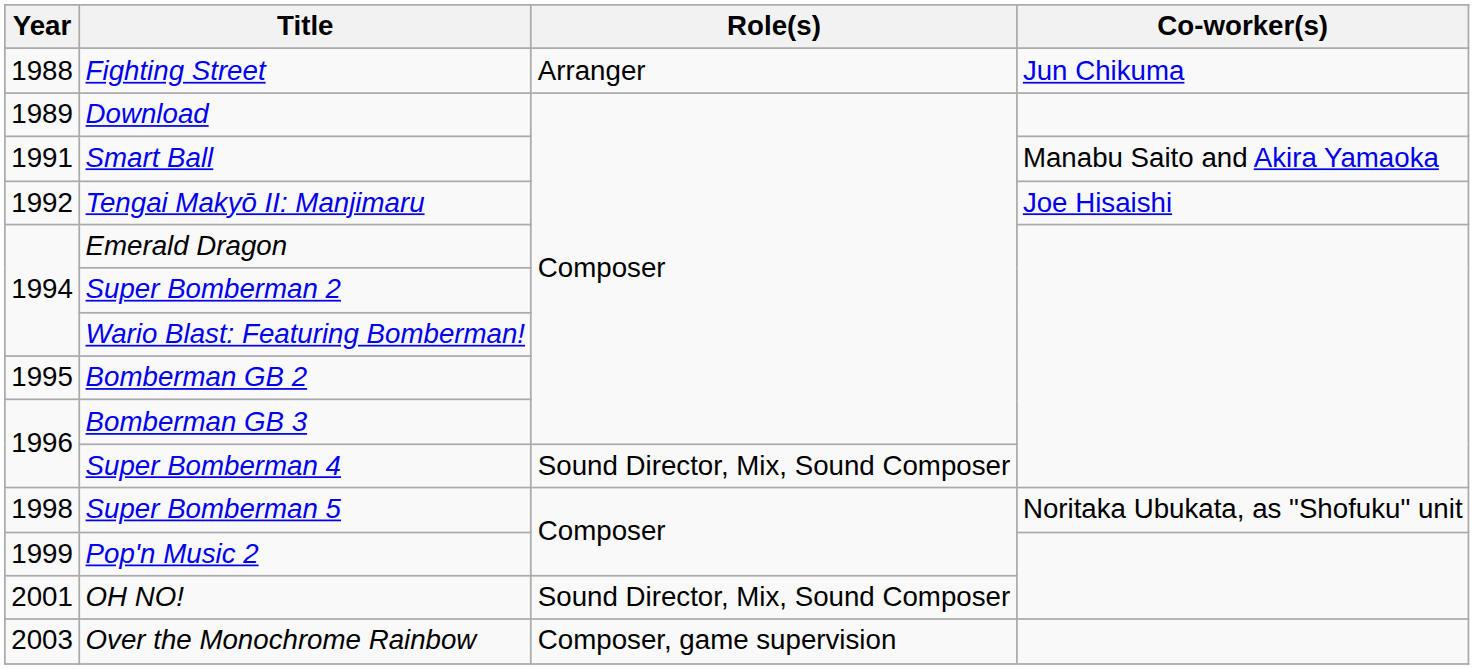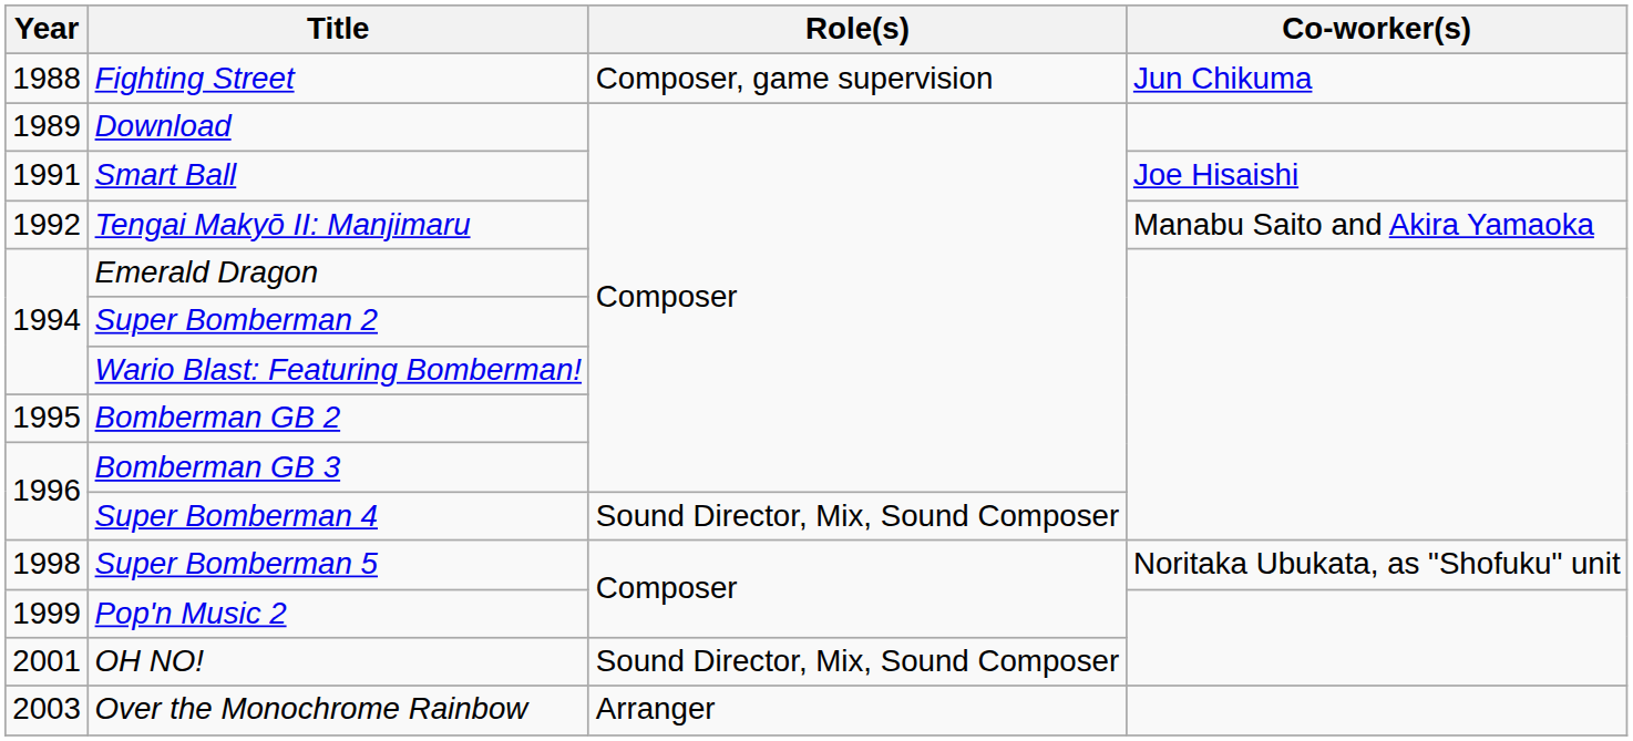 <table class="wikitable">
 <tr>
 <th>Year</th>
 <th>Title</th>
 <th>Role(s)</th>
 <th>Co-worker(s)</th>
 </tr>
 <tr>
 <td>1988</td>
 <td><em><a href='#'>Fighting Street</a></em></td>
-<td>Arranger</td>
+<td>Composer, game supervision</td>
 <td><a href='#'>Jun Chikuma</a></td>
 </tr>
 <tr>
 <td>1989</td>
 <td><em><a href='#'>Download</a></em></td>
 <td rowspan="8">Composer</td>
 <td></td>
 </tr>
 <tr>
 <td>1991</td>
 <td><em><a href='#'>Smart Ball</a></em></td>
-<td>Manabu Saito and <a href='#'>Akira Yamaoka</a></td>
+<td><a href='#'>Joe Hisaishi</a></td>
 </tr>
 <tr>
 <td>1992</td>
 <td><em><a href='#'>Tengai Makyō II: Manjimaru</a></em></td>
-<td><a href='#'>Joe Hisaishi</a></td>
+<td>Manabu Saito and <a href='#'>Akira Yamaoka</a></td>
 </tr>
 <tr>
 <td rowspan="3">1994</td>
 <td><em>Emerald Dragon</em></td>
 <td rowspan="6"></td>
 </tr>
 <tr>
 <td><em><a href='#'>Super Bomberman 2</a></em></td>
 </tr>
 <tr>
 <td><em><a href='#'>Wario Blast: Featuring Bomberman!</a></em></td>
 </tr>
 <tr>
 <td>1995</td>
 <td><em><a href='#'>Bomberman GB 2</a></em></td>
 </tr>
 <tr>
 <td rowspan="2">1996</td>
 <td><em><a href='#'>Bomberman GB 3</a></em></td>
 </tr>
 <tr>
 <td><em><a href='#'>Super Bomberman 4</a></em></td>
 <td>Sound Director, Mix, Sound Composer</td>
 </tr>
 <tr>
 <td>1998</td>
 <td><em><a href='#'>Super Bomberman 5</a></em></td>
 <td rowspan="2">Composer</td>
 <td>Noritaka Ubukata, as "Shofuku" unit</td>
 </tr>
 <tr>
 <td>1999</td>
 <td><em><a href='#'>Pop'n Music 2</a></em></td>
 <td rowspan="2'"></td>
 </tr>
 <tr>
 <td>2001</td>
 <td><em>OH NO!</em></td>
 <td>Sound Director, Mix, Sound Composer</td>
 </tr>
 <tr>
 <td>2003</td>
 <td><em>Over the Monochrome Rainbow</em></td>
-<td>Composer, game supervision</td>
+<td>Arranger</td>
 </tr>
 </table>
